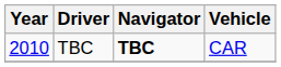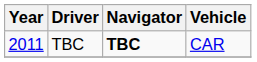 <table class="wikitable sortable" style="font-size: 90%;">
 <tr>
 <th>Year</th>
 <th>Driver</th>
 <th>Navigator</th>
 <th>Vehicle</th>
 </tr>
 <tr>
-<td><a href='#'>2010</a></td>
+<td><a href='#'>2011</a></td>
 <td> TBC</td>
 <td><strong>TBC</strong></td>
 <td><a href='#'>CAR</a></td>
 </tr>
 <tr>
 </tr>
 </table>
